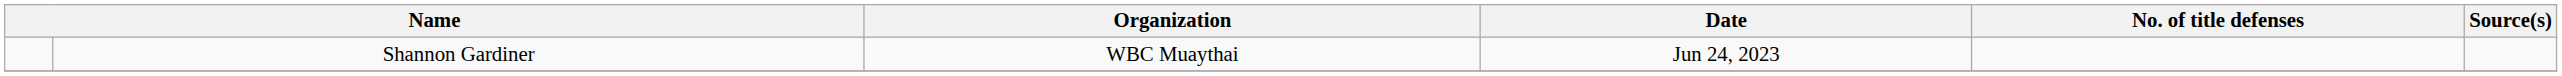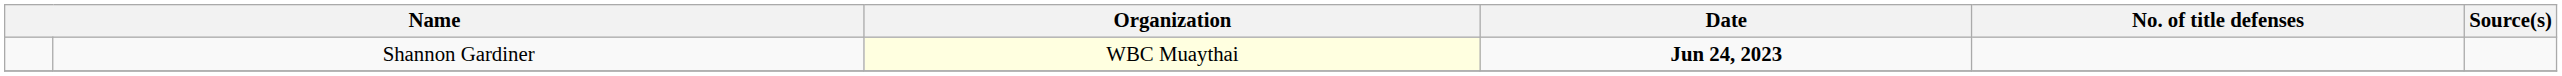 <table class="wikitable" style="width:99%; text-align:center;">
 <tr>
 <th colspan="2" style="width:35%;">Name</th>
 <th style="width:25%;">Organization</th>
 <th width=20%>Date</th>
 <th width=20%>No. of title defenses</th>
 <th>Source(s)</th>
 </tr>
 <tr>
 <td><br></td>
 <td>Shannon Gardiner</td>
-<td>WBC Muaythai</td>
-<td>Jun 24, 2023</td>
+<td style="background: lightyellow;">WBC Muaythai</td>
+<td><strong>Jun 24, 2023</strong></td>
 <td></td>
 <td></td>
 </tr>
 <tr>
 </tr>
 </table>
